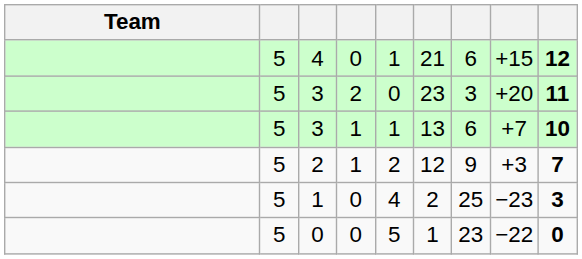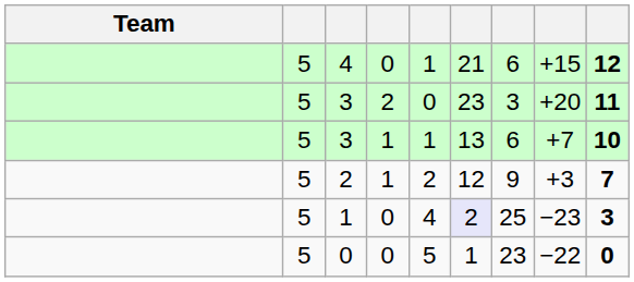 <table class="wikitable" style="text-align:center">
 <tr>
 <th width="175">Team</th>
 <th width="20"></th>
 <th width="20"></th>
 <th width="20"></th>
 <th width="20"></th>
 <th width="20"></th>
 <th width="20"></th>
 <th width="20"></th>
 <th width="20"></th>
 </tr>
 <tr bgcolor=ccffcc>
 <td align=left></td>
 <td>5</td>
 <td>4</td>
 <td>0</td>
 <td>1</td>
 <td>21</td>
 <td>6</td>
 <td>+15</td>
 <td><strong>12</strong></td>
 </tr>
 <tr bgcolor=ccffcc>
 <td align=left></td>
 <td>5</td>
 <td>3</td>
 <td>2</td>
 <td>0</td>
 <td>23</td>
 <td>3</td>
 <td>+20</td>
 <td><strong>11</strong></td>
 </tr>
 <tr bgcolor=#ccffcc>
 <td align=left></td>
 <td>5</td>
 <td>3</td>
 <td>1</td>
 <td>1</td>
 <td>13</td>
 <td>6</td>
 <td>+7</td>
 <td><strong>10</strong></td>
 </tr>
 <tr>
 <td align=left></td>
 <td>5</td>
 <td>2</td>
 <td>1</td>
 <td>2</td>
 <td>12</td>
 <td>9</td>
 <td>+3</td>
 <td><strong>7</strong></td>
 </tr>
 <tr>
 <td align=left></td>
 <td>5</td>
 <td>1</td>
 <td>0</td>
 <td>4</td>
-<td>2</td>
+<td style="background: lavender;">2</td>
 <td>25</td>
 <td>−23</td>
 <td><strong>3</strong></td>
 </tr>
 <tr>
 <td align=left></td>
 <td>5</td>
 <td>0</td>
 <td>0</td>
 <td>5</td>
 <td>1</td>
 <td>23</td>
 <td>−22</td>
 <td><strong>0</strong></td>
 </tr>
 </table>
